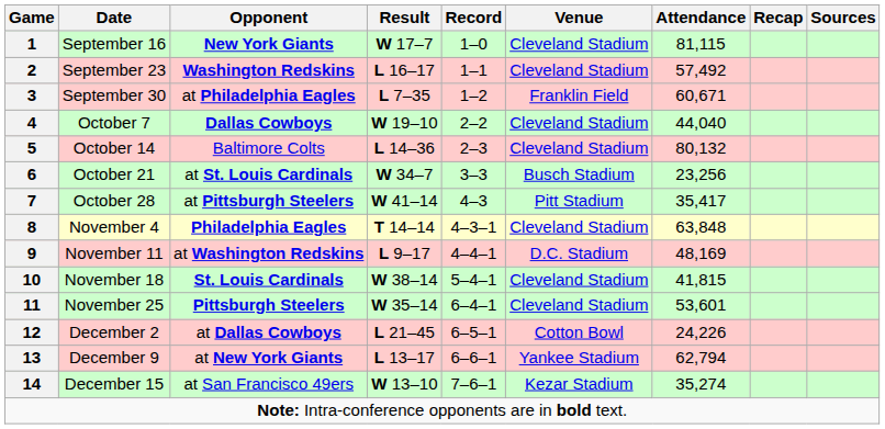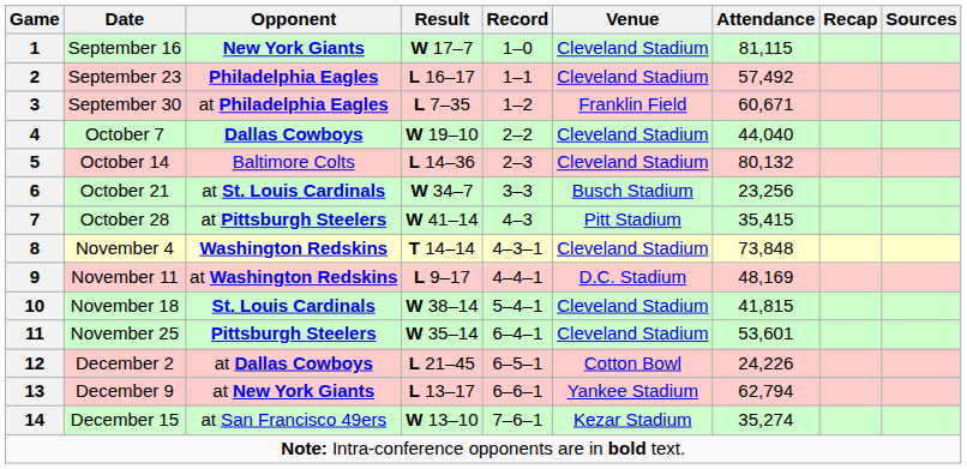 <table class="wikitable" style="text-align:center">
 <tr>
 <th>Game</th>
 <th>Date</th>
 <th>Opponent</th>
 <th>Result</th>
 <th>Record</th>
 <th>Venue</th>
 <th>Attendance</th>
 <th>Recap</th>
 <th>Sources</th>
 </tr>
 <tr style="background:#cfc">
 <th>1</th>
 <td>September 16</td>
 <td><strong><a href='#'>New York Giants</a></strong></td>
 <td><strong>W</strong> 17–7</td>
 <td>1–0</td>
 <td><a href='#'>Cleveland Stadium</a></td>
 <td>81,115</td>
 <td></td>
 <td></td>
 </tr>
 <tr style="background:#fcc">
 <th>2</th>
 <td>September 23</td>
-<td><strong><a href='#'>Washington Redskins</a></strong></td>
+<td><strong><a href='#'>Philadelphia Eagles</a></strong></td>
 <td><strong>L</strong> 16–17</td>
 <td>1–1</td>
 <td><a href='#'>Cleveland Stadium</a></td>
 <td>57,492</td>
 <td></td>
 <td></td>
 </tr>
 <tr style="background:#fcc">
 <th>3</th>
 <td>September 30</td>
 <td>at <strong><a href='#'>Philadelphia Eagles</a></strong></td>
 <td><strong>L</strong> 7–35</td>
 <td>1–2</td>
 <td><a href='#'>Franklin Field</a></td>
 <td>60,671</td>
 <td></td>
 <td></td>
 </tr>
 <tr style="background:#cfc">
 <th>4</th>
 <td>October 7</td>
 <td><strong><a href='#'>Dallas Cowboys</a></strong></td>
 <td><strong>W</strong> 19–10</td>
 <td>2–2</td>
 <td><a href='#'>Cleveland Stadium</a></td>
 <td>44,040</td>
 <td></td>
 <td></td>
 </tr>
 <tr style="background:#fcc">
 <th>5</th>
 <td>October 14</td>
 <td><a href='#'>Baltimore Colts</a></td>
 <td><strong>L</strong> 14–36</td>
 <td>2–3</td>
 <td><a href='#'>Cleveland Stadium</a></td>
 <td>80,132</td>
 <td></td>
 <td></td>
 </tr>
 <tr style="background:#cfc">
 <th>6</th>
 <td>October 21</td>
 <td>at <strong><a href='#'>St. Louis Cardinals</a></strong></td>
 <td><strong>W</strong> 34–7</td>
 <td>3–3</td>
 <td><a href='#'>Busch Stadium</a></td>
 <td>23,256</td>
 <td></td>
 <td></td>
 </tr>
 <tr style="background:#cfc">
 <th>7</th>
 <td>October 28</td>
 <td>at <strong><a href='#'>Pittsburgh Steelers</a></strong></td>
 <td><strong>W</strong> 41–14</td>
 <td>4–3</td>
 <td><a href='#'>Pitt Stadium</a></td>
-<td>35,417</td>
+<td>35,415</td>
 <td></td>
 <td></td>
 </tr>
 <tr style="background:#ffc">
 <th>8</th>
 <td>November 4</td>
-<td><strong><a href='#'>Philadelphia Eagles</a></strong></td>
+<td><strong><a href='#'>Washington Redskins</a></strong></td>
 <td><strong>T</strong> 14–14</td>
 <td>4–3–1</td>
 <td><a href='#'>Cleveland Stadium</a></td>
-<td>63,848</td>
+<td>73,848</td>
 <td></td>
 <td></td>
 </tr>
 <tr style="background:#fcc">
 <th>9</th>
 <td>November 11</td>
 <td>at <strong><a href='#'>Washington Redskins</a></strong></td>
 <td><strong>L</strong> 9–17</td>
 <td>4–4–1</td>
 <td><a href='#'>D.C. Stadium</a></td>
 <td>48,169</td>
 <td></td>
 <td></td>
 </tr>
 <tr style="background:#cfc">
 <th>10</th>
 <td>November 18</td>
 <td><strong><a href='#'>St. Louis Cardinals</a></strong></td>
 <td><strong>W</strong> 38–14</td>
 <td>5–4–1</td>
 <td><a href='#'>Cleveland Stadium</a></td>
 <td>41,815</td>
 <td></td>
 <td></td>
 </tr>
 <tr style="background:#cfc">
 <th>11</th>
 <td>November 25</td>
 <td><strong><a href='#'>Pittsburgh Steelers</a></strong></td>
 <td><strong>W</strong> 35–14</td>
 <td>6–4–1</td>
 <td><a href='#'>Cleveland Stadium</a></td>
 <td>53,601</td>
 <td></td>
 <td></td>
 </tr>
 <tr style="background:#fcc">
 <th>12</th>
 <td>December 2</td>
 <td>at <strong><a href='#'>Dallas Cowboys</a></strong></td>
 <td><strong>L</strong> 21–45</td>
 <td>6–5–1</td>
 <td><a href='#'>Cotton Bowl</a></td>
 <td>24,226</td>
 <td></td>
 <td></td>
 </tr>
 <tr style="background:#fcc">
 <th>13</th>
 <td>December 9</td>
 <td>at <strong><a href='#'>New York Giants</a></strong></td>
 <td><strong>L</strong> 13–17</td>
 <td>6–6–1</td>
 <td><a href='#'>Yankee Stadium</a></td>
 <td>62,794</td>
 <td></td>
 <td></td>
 </tr>
 <tr style="background:#cfc">
 <th>14</th>
 <td>December 15</td>
 <td>at <a href='#'>San Francisco 49ers</a></td>
 <td><strong>W</strong> 13–10</td>
 <td>7–6–1</td>
 <td><a href='#'>Kezar Stadium</a></td>
 <td>35,274</td>
 <td></td>
 <td></td>
 </tr>
 <tr>
 <td colspan="10"><strong>Note:</strong> Intra-conference opponents are in <strong>bold</strong> text.</td>
 </tr>
 </table>
